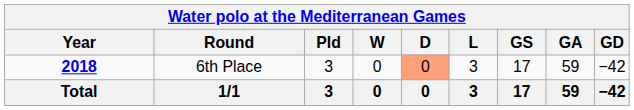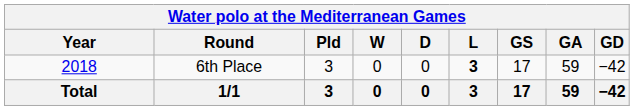 <table class="wikitable" width=50% style="text-align: center;font-size:100%;">
 <tr>
 <th colspan=10><a href='#'>Water polo at the Mediterranean Games</a></th>
 </tr>
 <tr>
 <th width=25%>Year</th>
 <th width=25%>Round</th>
 <th width=8%>Pld</th>
 <th width=8%>W</th>
 <th width=8%>D</th>
 <th width=8%>L</th>
 <th width=8%>GS</th>
 <th width=8%>GA</th>
 <th width=10%>GD</th>
 </tr>
 <tr>
-<td><strong><a href='#'>2018</a></strong></td>
+<td><a href='#'>2018</a></td>
 <td>6th Place</td>
 <td>3</td>
 <td>0</td>
-<td style="background: lightsalmon;">0</td>
-<td>3</td>
+<td>0</td>
+<td><strong>3</strong></td>
 <td>17</td>
 <td>59</td>
 <td>−42</td>
 </tr>
 <tr>
 <th>Total</th>
 <th>1/1</th>
 <th>3</th>
 <th>0</th>
 <th>0</th>
 <th>3</th>
 <th>17</th>
 <th>59</th>
 <th>−42</th>
 </tr>
 </table>
